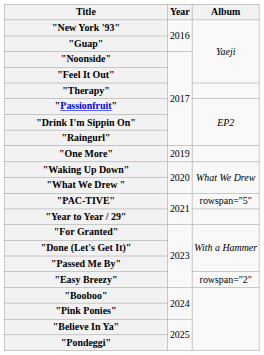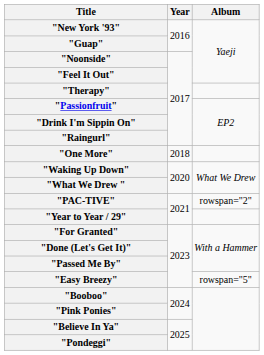 <table class="wikitable plainrowheaders" style="text-align:center;">
 <tr>
 <th scope="col" rowspan="1" style="width:16em;">Title</th>
 <th scope="col" rowspan="1">Year</th>
 <th scope="col" rowspan="1">Album</th>
 </tr>
 <tr>
 <th scope="row">"New York '93"</th>
 <td rowspan="2">2016</td>
 <td rowspan="4"><em>Yaeji</em></td>
 </tr>
 <tr>
 <th scope="row">"Guap"</th>
 </tr>
 <tr>
 <th scope="row">"Noonside"</th>
 <td rowspan="6">2017</td>
 </tr>
 <tr>
 <th scope="row">"Feel It Out"</th>
 </tr>
 <tr>
 <th scope="row">"Therapy"</th>
 <td></td>
 </tr>
 <tr>
 <th scope="row">"<a href='#'>Passionfruit</a>"</th>
 <td rowspan="3"><em>EP2</em></td>
 </tr>
 <tr>
 <th scope="row">"Drink I'm Sippin On"</th>
 </tr>
 <tr>
 <th scope="row">"Raingurl"</th>
 </tr>
 <tr>
 <th scope="row">"One More"</th>
-<td>2019</td>
+<td>2018</td>
 <td></td>
 </tr>
 <tr>
 <th scope="row">"Waking Up Down"</th>
 <td rowspan="2">2020</td>
 <td rowspan="2"><em>What We Drew</em> </td>
 </tr>
 <tr>
 <th scope="row">"What We Drew "</th>
 </tr>
 <tr>
 <th scope="row">"PAC-TIVE"</th>
 <td rowspan="2">2021</td>
-<td>rowspan="5" </td>
+<td>rowspan="2" </td>
 </tr>
 <tr>
 <th scope="row">"Year to Year / 29"</th>
 </tr>
 <tr>
 <th scope="row">"For Granted"</th>
 <td rowspan="4">2023</td>
 <td rowspan="3"><em>With a Hammer</em></td>
 </tr>
 <tr>
 <th scope="row">"Done (Let's Get It)"</th>
 </tr>
 <tr>
 <th scope="row">"Passed Me By"</th>
 </tr>
 <tr>
 <th scope="row">"Easy Breezy"</th>
-<td>rowspan="2" </td>
+<td>rowspan="5" </td>
 </tr>
 <tr>
 <th scope="row">"Booboo"</th>
 <td rowspan="2">2024</td>
 </tr>
 <tr>
 <th scope="row">"Pink Ponies" <br></th>
 </tr>
 <tr>
 <th scope="row">"Believe In Ya" <br></th>
 <td rowspan="2">2025</td>
 </tr>
 <tr>
 <th scope="row">"Pondeggi" <br></th>
 </tr>
 </table>
